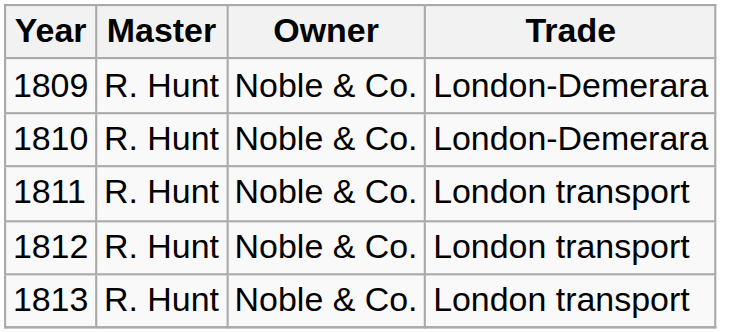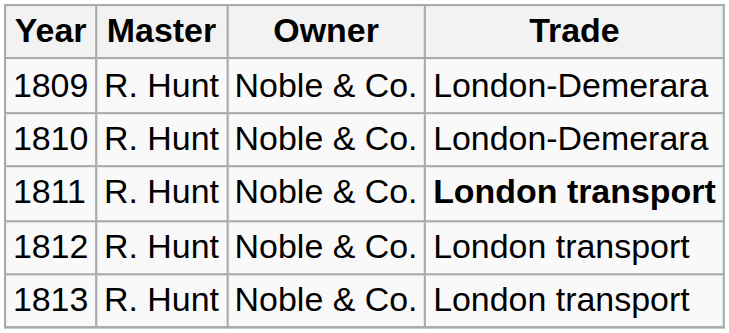 <table class="sortable wikitable">
 <tr>
 <th>Year</th>
 <th>Master</th>
 <th>Owner</th>
 <th>Trade</th>
 </tr>
 <tr>
 <td>1809</td>
 <td>R. Hunt</td>
 <td>Noble & Co.</td>
 <td>London-Demerara</td>
 </tr>
 <tr>
 <td>1810</td>
 <td>R. Hunt</td>
 <td>Noble & Co.</td>
 <td>London-Demerara</td>
 </tr>
 <tr>
 <td>1811</td>
 <td>R. Hunt</td>
 <td>Noble & Co.</td>
-<td>London transport</td>
+<td><strong>London transport</strong></td>
 </tr>
 <tr>
 <td>1812</td>
 <td>R. Hunt</td>
 <td>Noble & Co.</td>
 <td>London transport</td>
 </tr>
 <tr>
 <td>1813</td>
 <td>R. Hunt</td>
 <td>Noble & Co.</td>
 <td>London transport</td>
 </tr>
 <tr>
 </tr>
 </table>
